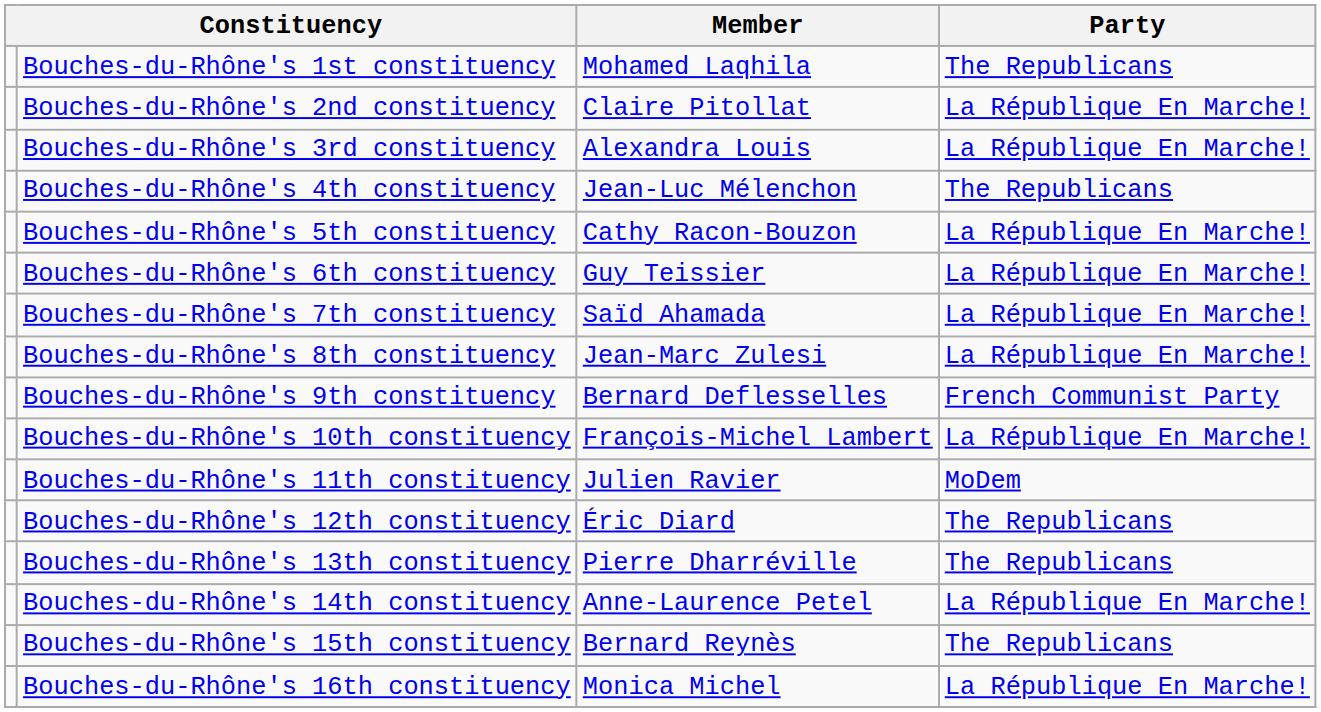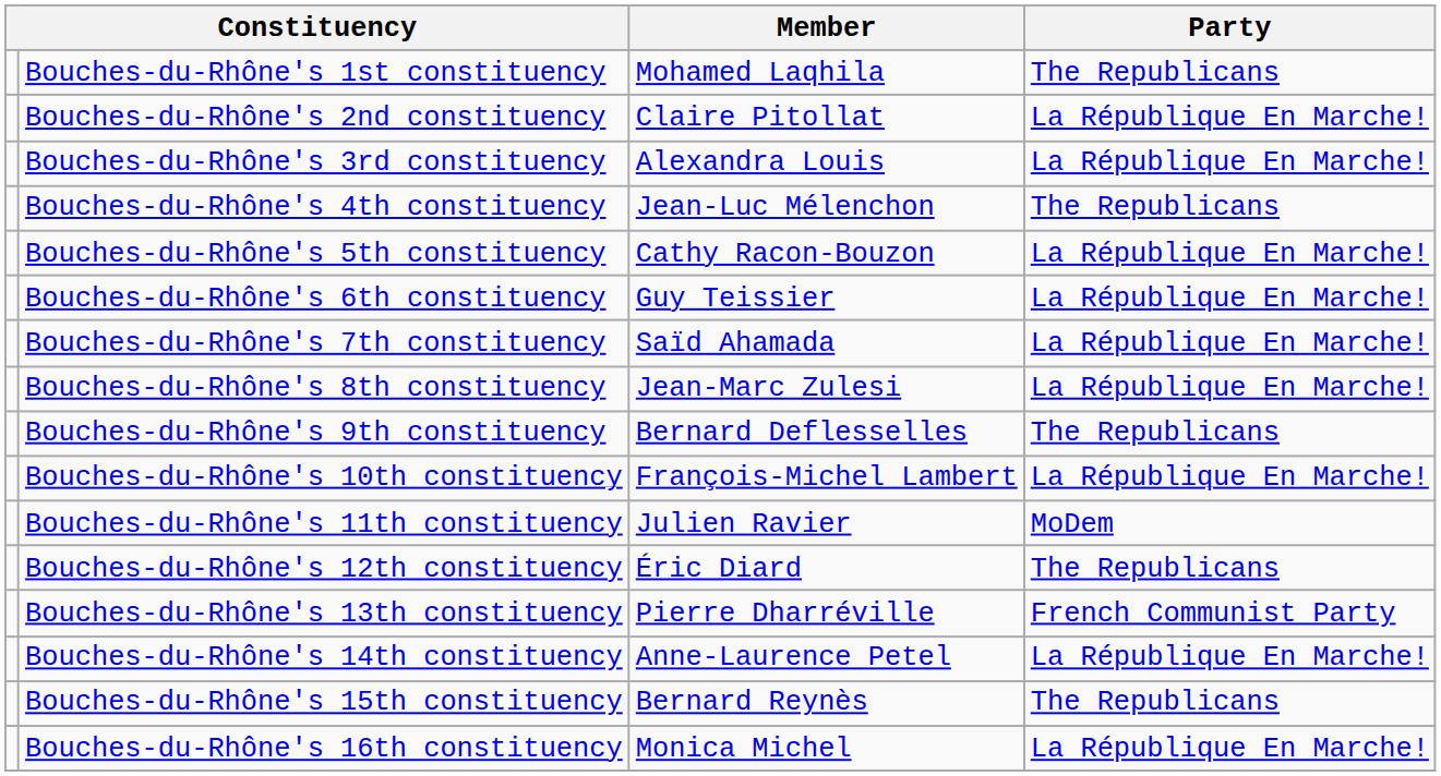 <table class="wikitable">
 <tr>
 <th colspan="2">Constituency</th>
 <th>Member</th>
 <th>Party</th>
 </tr>
 <tr>
 <td style="background-color: "></td>
 <td><a href='#'>Bouches-du-Rhône's 1st constituency</a></td>
 <td><a href='#'>Mohamed Laqhila</a></td>
 <td><a href='#'>The Republicans</a></td>
 </tr>
 <tr>
 <td style="background-color: "></td>
 <td><a href='#'>Bouches-du-Rhône's 2nd constituency</a></td>
 <td><a href='#'>Claire Pitollat</a></td>
 <td><a href='#'>La République En Marche!</a></td>
 </tr>
 <tr>
 <td style="background-color: "></td>
 <td><a href='#'>Bouches-du-Rhône's 3rd constituency</a></td>
 <td><a href='#'>Alexandra Louis</a></td>
 <td><a href='#'>La République En Marche!</a></td>
 </tr>
 <tr>
 <td style="background-color: "></td>
 <td><a href='#'>Bouches-du-Rhône's 4th constituency</a></td>
 <td><a href='#'>Jean-Luc Mélenchon</a></td>
 <td><a href='#'>The Republicans</a></td>
 </tr>
 <tr>
 <td style="background-color: "></td>
 <td><a href='#'>Bouches-du-Rhône's 5th constituency</a></td>
 <td><a href='#'>Cathy Racon-Bouzon</a></td>
 <td><a href='#'>La République En Marche!</a></td>
 </tr>
 <tr>
 <td style="background-color: "></td>
 <td><a href='#'>Bouches-du-Rhône's 6th constituency</a></td>
 <td><a href='#'>Guy Teissier</a></td>
 <td><a href='#'>La République En Marche!</a></td>
 </tr>
 <tr>
 <td style="background-color: "></td>
 <td><a href='#'>Bouches-du-Rhône's 7th constituency</a></td>
 <td><a href='#'>Saïd Ahamada</a></td>
 <td><a href='#'>La République En Marche!</a></td>
 </tr>
 <tr>
 <td style="background-color: "></td>
 <td><a href='#'>Bouches-du-Rhône's 8th constituency</a></td>
 <td><a href='#'>Jean-Marc Zulesi</a></td>
 <td><a href='#'>La République En Marche!</a></td>
 </tr>
 <tr>
 <td style="background-color: "></td>
 <td><a href='#'>Bouches-du-Rhône's 9th constituency</a></td>
 <td><a href='#'>Bernard Deflesselles</a></td>
-<td><a href='#'>French Communist Party</a></td>
+<td><a href='#'>The Republicans</a></td>
 </tr>
 <tr>
 <td style="background-color: "></td>
 <td><a href='#'>Bouches-du-Rhône's 10th constituency</a></td>
 <td><a href='#'>François-Michel Lambert</a></td>
 <td><a href='#'>La République En Marche!</a></td>
 </tr>
 <tr>
 <td style="background-color: "></td>
 <td><a href='#'>Bouches-du-Rhône's 11th constituency</a></td>
 <td><a href='#'>Julien Ravier</a></td>
 <td><a href='#'>MoDem</a></td>
 </tr>
 <tr>
 <td style="background-color: "></td>
 <td><a href='#'>Bouches-du-Rhône's 12th constituency</a></td>
 <td><a href='#'>Éric Diard</a></td>
 <td><a href='#'>The Republicans</a></td>
 </tr>
 <tr>
 <td style="background-color: "></td>
 <td><a href='#'>Bouches-du-Rhône's 13th constituency</a></td>
 <td><a href='#'>Pierre Dharréville</a></td>
-<td><a href='#'>The Republicans</a></td>
+<td><a href='#'>French Communist Party</a></td>
 </tr>
 <tr>
 <td style="background-color: "></td>
 <td><a href='#'>Bouches-du-Rhône's 14th constituency</a></td>
 <td><a href='#'>Anne-Laurence Petel</a></td>
 <td><a href='#'>La République En Marche!</a></td>
 </tr>
 <tr>
 <td style="background-color: "></td>
 <td><a href='#'>Bouches-du-Rhône's 15th constituency</a></td>
 <td><a href='#'>Bernard Reynès</a></td>
 <td><a href='#'>The Republicans</a></td>
 </tr>
 <tr>
 <td style="background-color: "></td>
 <td><a href='#'>Bouches-du-Rhône's 16th constituency</a></td>
 <td><a href='#'>Monica Michel</a></td>
 <td><a href='#'>La République En Marche!</a></td>
 </tr>
 <tr>
 </tr>
 </table>
